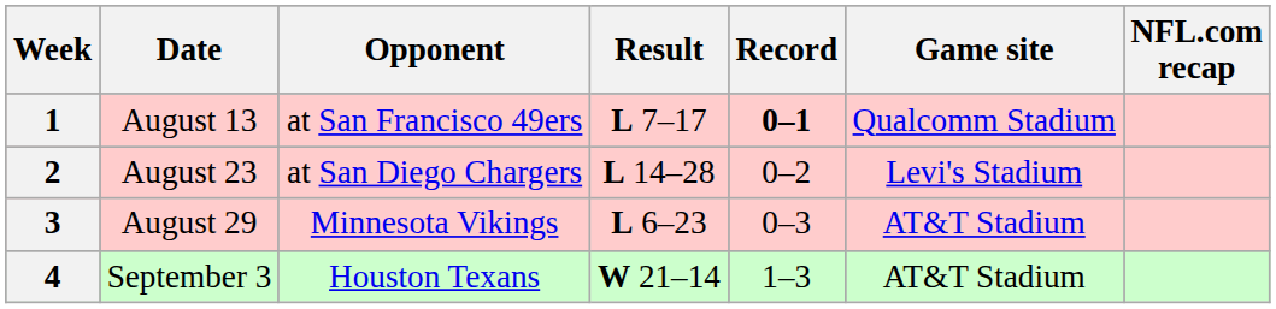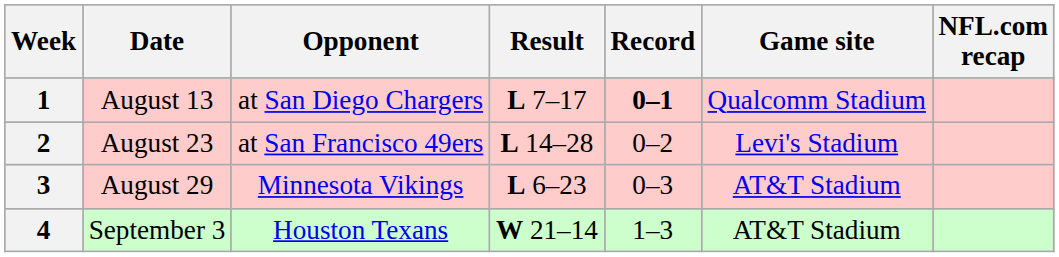 <table class="wikitable" style="text-align:center">
 <tr>
 <th>Week</th>
 <th>Date</th>
 <th>Opponent</th>
 <th>Result</th>
 <th>Record</th>
 <th>Game site</th>
 <th>NFL.com<br>recap</th>
 </tr>
 <tr style="background:#fcc">
 <th>1</th>
 <td>August 13</td>
-<td>at <a href='#'>San Francisco 49ers</a></td>
+<td>at <a href='#'>San Diego Chargers</a></td>
 <td><strong>L</strong> 7–17</td>
 <td><strong>0–1</strong></td>
 <td><a href='#'>Qualcomm Stadium</a></td>
 <td></td>
 </tr>
 <tr style="background:#fcc">
 <th>2</th>
 <td>August 23</td>
-<td>at <a href='#'>San Diego Chargers</a></td>
+<td>at <a href='#'>San Francisco 49ers</a></td>
 <td><strong>L</strong> 14–28</td>
 <td>0–2</td>
 <td><a href='#'>Levi's Stadium</a></td>
 <td></td>
 </tr>
 <tr style="background:#fcc">
 <th>3</th>
 <td>August 29</td>
 <td><a href='#'>Minnesota Vikings</a></td>
 <td><strong>L</strong> 6–23</td>
 <td>0–3</td>
 <td><a href='#'>AT&T Stadium</a></td>
 <td></td>
 </tr>
 <tr style="background:#cfc">
 <th>4</th>
 <td>September 3</td>
 <td><a href='#'>Houston Texans</a></td>
 <td><strong>W</strong> 21–14</td>
 <td>1–3</td>
 <td>AT&T Stadium</td>
 <td></td>
 </tr>
 </table>
